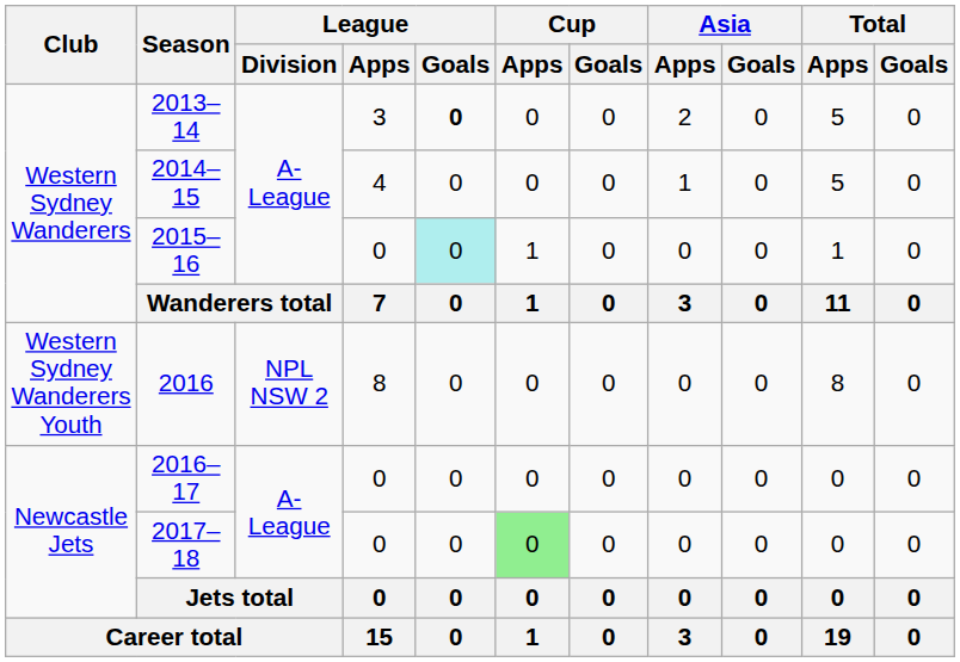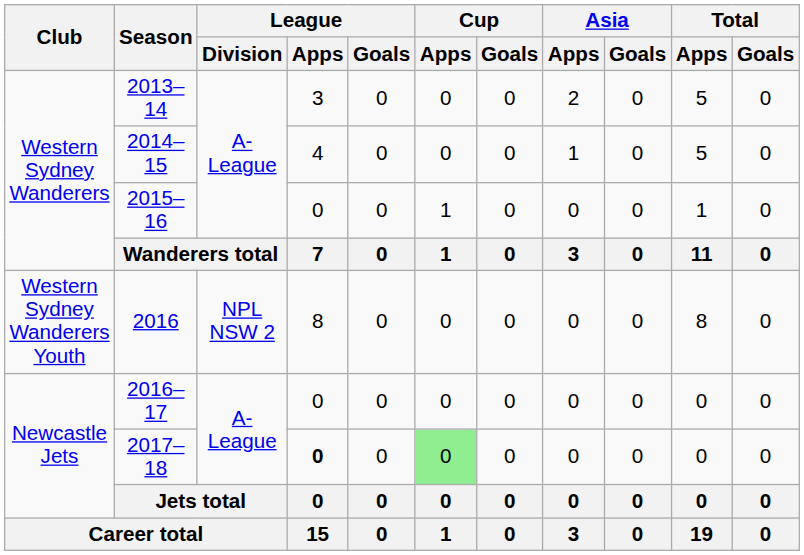 <table class="wikitable" style="text-align: center;">
 <tr>
 <th rowspan="2">Club</th>
 <th rowspan="2">Season</th>
 <th colspan="3">League</th>
 <th colspan="2">Cup</th>
 <th colspan="2"><a href='#'>Asia</a></th>
 <th colspan="2">Total</th>
 </tr>
 <tr>
 <th>Division</th>
 <th>Apps</th>
 <th>Goals</th>
 <th>Apps</th>
 <th>Goals</th>
 <th>Apps</th>
 <th>Goals</th>
 <th>Apps</th>
 <th>Goals</th>
 </tr>
 <tr>
 <td rowspan="4"><a href='#'>Western Sydney Wanderers</a></td>
 <td><a href='#'>2013–14</a></td>
 <td rowspan=3><a href='#'>A-League</a></td>
 <td>3</td>
-<td><strong>0</strong></td>
+<td>0</td>
 <td>0</td>
 <td>0</td>
 <td>2</td>
 <td>0</td>
 <td>5</td>
 <td>0</td>
 </tr>
 <tr>
 <td><a href='#'>2014–15</a></td>
 <td>4</td>
 <td>0</td>
 <td>0</td>
 <td>0</td>
 <td>1</td>
 <td>0</td>
 <td>5</td>
 <td>0</td>
 </tr>
 <tr>
 <td><a href='#'>2015–16</a></td>
 <td>0</td>
-<td style="background: paleturquoise;">0</td>
+<td>0</td>
 <td>1</td>
 <td>0</td>
 <td>0</td>
 <td>0</td>
 <td>1</td>
 <td>0</td>
 </tr>
 <tr>
 <th colspan=2>Wanderers total</th>
 <th>7</th>
 <th>0</th>
 <th>1</th>
 <th>0</th>
 <th>3</th>
 <th>0</th>
 <th>11</th>
 <th>0</th>
 </tr>
 <tr>
 <td><a href='#'>Western Sydney Wanderers Youth</a></td>
 <td><a href='#'>2016</a></td>
 <td><a href='#'>NPL NSW 2</a></td>
 <td>8</td>
 <td>0</td>
 <td>0</td>
 <td>0</td>
 <td>0</td>
 <td>0</td>
 <td>8</td>
 <td>0</td>
 </tr>
 <tr>
 <td rowspan="3"><a href='#'>Newcastle Jets</a></td>
 <td><a href='#'>2016–17</a></td>
 <td rowspan=2><a href='#'>A-League</a></td>
 <td>0</td>
 <td>0</td>
 <td>0</td>
 <td>0</td>
 <td>0</td>
 <td>0</td>
 <td>0</td>
 <td>0</td>
 </tr>
 <tr>
 <td><a href='#'>2017–18</a></td>
-<td>0</td>
+<td><strong>0</strong></td>
 <td>0</td>
 <td style="background: lightgreen;">0</td>
 <td>0</td>
 <td>0</td>
 <td>0</td>
 <td>0</td>
 <td>0</td>
 </tr>
 <tr>
 <th colspan=2>Jets total</th>
 <th>0</th>
 <th>0</th>
 <th>0</th>
 <th>0</th>
 <th>0</th>
 <th>0</th>
 <th>0</th>
 <th>0</th>
 </tr>
 <tr>
 <th colspan=3>Career total</th>
 <th>15</th>
 <th>0</th>
 <th>1</th>
 <th>0</th>
 <th>3</th>
 <th>0</th>
 <th>19</th>
 <th>0</th>
 </tr>
 </table>
